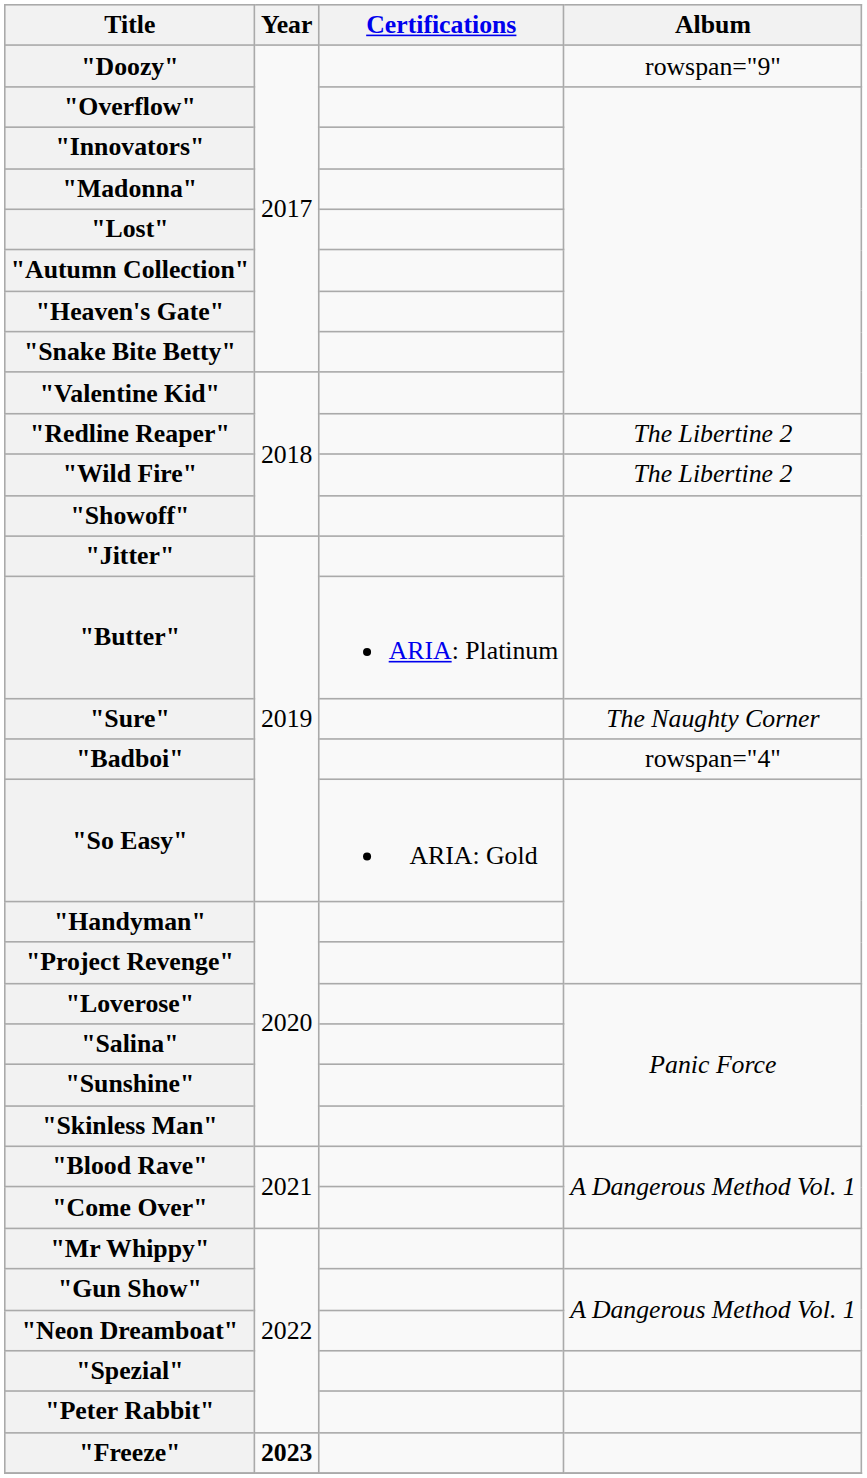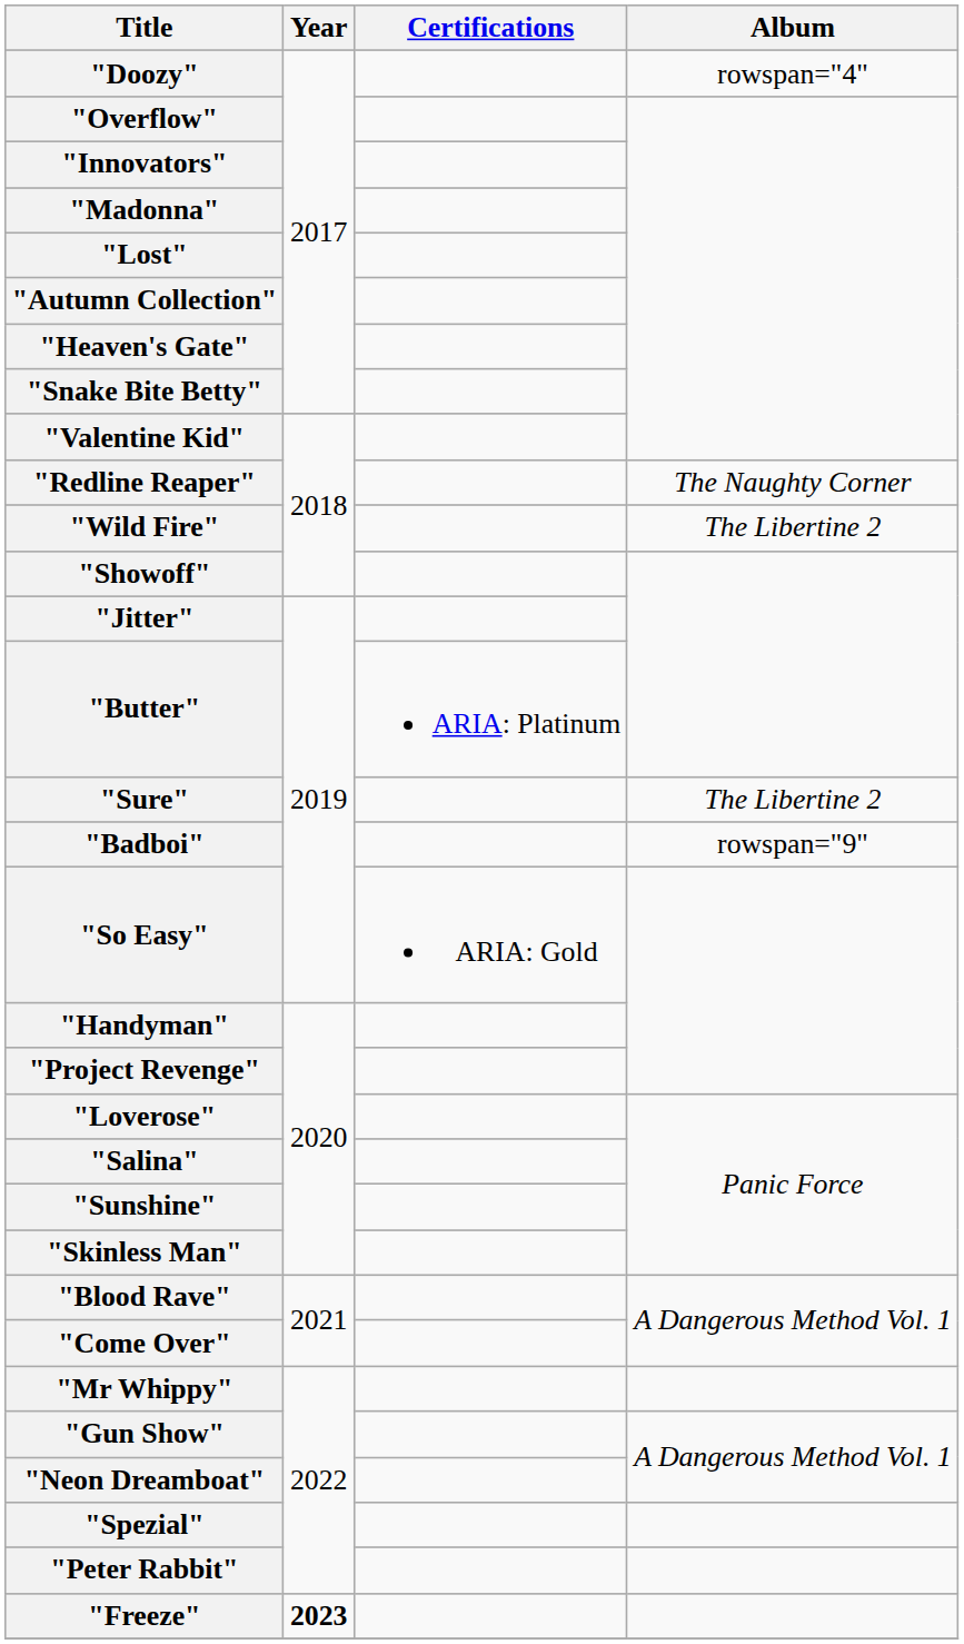 <table class="wikitable plainrowheaders" style="text-align:center;">
 <tr>
 <th>Title</th>
 <th>Year</th>
 <th><a href='#'>Certifications</a></th>
 <th>Album</th>
 </tr>
 <tr>
 <th scope="row">"Doozy"</th>
 <td rowspan="8">2017</td>
 <td></td>
-<td>rowspan="9" </td>
+<td>rowspan="4" </td>
 </tr>
 <tr>
 <th scope="row">"Overflow"</th>
 <td></td>
 </tr>
 <tr>
 <th scope="row">"Innovators"</th>
 <td></td>
 </tr>
 <tr>
 <th scope="row">"Madonna"</th>
 <td></td>
 </tr>
 <tr>
 <th scope="row">"Lost"</th>
 <td></td>
 </tr>
 <tr>
 <th scope="row">"Autumn Collection"</th>
 <td></td>
 </tr>
 <tr>
 <th scope="row">"Heaven's Gate"</th>
 <td></td>
 </tr>
 <tr>
 <th scope="row">"Snake Bite Betty"</th>
 <td></td>
 </tr>
 <tr>
 <th scope="row">"Valentine Kid"</th>
 <td rowspan="4">2018</td>
 <td></td>
 </tr>
 <tr>
 <th scope="row">"Redline Reaper"</th>
 <td></td>
-<td><em>The Libertine 2</em></td>
+<td><em>The Naughty Corner</em></td>
 </tr>
 <tr>
 <th scope="row">"Wild Fire"<br></th>
 <td></td>
 <td><em>The Libertine 2</em></td>
 </tr>
 <tr>
 <th scope="row">"Showoff"</th>
 <td></td>
 </tr>
 <tr>
 <th scope="row">"Jitter"<br></th>
 <td rowspan="5">2019</td>
 <td></td>
 </tr>
 <tr>
 <th scope="row">"Butter"</th>
 <td><br><ul><li><a href='#'>ARIA</a>: Platinum</li></ul></td>
 </tr>
 <tr>
 <th scope="row">"Sure"</th>
 <td></td>
-<td><em>The Naughty Corner</em></td>
+<td><em>The Libertine 2</em></td>
 </tr>
 <tr>
 <th scope="row">"Badboi"</th>
 <td></td>
-<td>rowspan="4" </td>
+<td>rowspan="9" </td>
 </tr>
 <tr>
 <th scope="row">"So Easy"<br></th>
 <td><br><ul><li>ARIA: Gold</li></ul></td>
 </tr>
 <tr>
 <th scope="row">"Handyman"</th>
 <td rowspan="6">2020</td>
 <td></td>
 </tr>
 <tr>
 <th scope="row">"Project Revenge"</th>
 <td></td>
 </tr>
 <tr>
 <th scope="row">"Loverose"</th>
 <td></td>
 <td rowspan="4"><em>Panic Force</em></td>
 </tr>
 <tr>
 <th scope="row">"Salina"</th>
 <td></td>
 </tr>
 <tr>
 <th scope="row">"Sunshine"</th>
 <td></td>
 </tr>
 <tr>
 <th scope="row">"Skinless Man"</th>
 <td></td>
 </tr>
 <tr>
 <th scope="row">"Blood Rave"</th>
 <td rowspan="2">2021</td>
 <td></td>
 <td rowspan="2"><em>A Dangerous Method Vol. 1</em></td>
 </tr>
 <tr>
 <th scope="row">"Come Over"</th>
 <td></td>
 </tr>
 <tr>
 <th scope="row">"Mr Whippy"<br></th>
 <td rowspan="5">2022</td>
 <td></td>
 <td></td>
 </tr>
 <tr>
 <th scope="row">"Gun Show"</th>
 <td></td>
 <td rowspan="2"><em>A Dangerous Method Vol. 1</em></td>
 </tr>
 <tr>
 <th scope="row">"Neon Dreamboat"</th>
 <td></td>
 </tr>
 <tr>
 <th scope="row">"Spezial"</th>
 <td></td>
 <td></td>
 </tr>
 <tr>
 <th scope="row">"Peter Rabbit"</th>
 <td></td>
 <td></td>
 </tr>
 <tr>
 <th scope="row">"Freeze"</th>
 <td><strong>2023</strong></td>
 <td></td>
 <td></td>
 </tr>
 <tr>
 </tr>
 </table>
